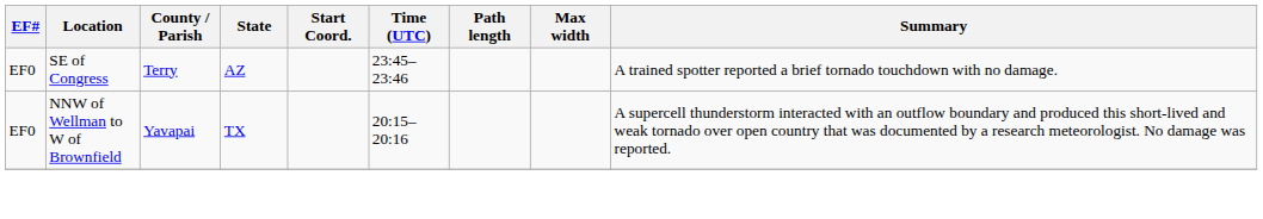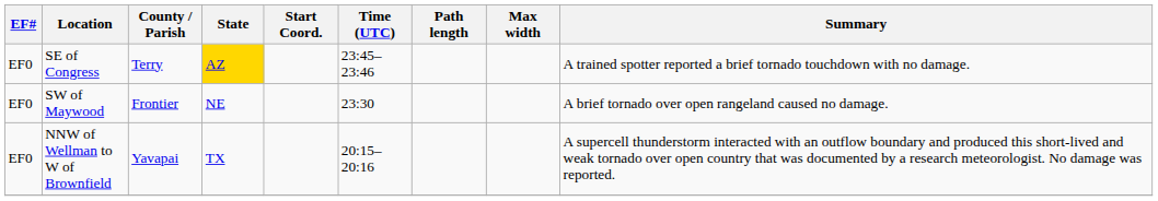 <table class="wikitable sortable" style="width:100%;">
 <tr>
 <th scope="col"  style="width:3%; text-align:center;"><a href='#'>EF#</a></th>
 <th scope="col"  style="width:7%; text-align:center;" class="unsortable">Location</th>
 <th scope="col"  style="width:6%; text-align:center;" class="unsortable">County / Parish</th>
 <th scope="col"  style="width:5%; text-align:center;">State</th>
 <th scope="col"  style="width:6%; text-align:center;">Start Coord.</th>
 <th scope="col"  style="width:6%; text-align:center;">Time (<a href='#'>UTC</a>)</th>
 <th scope="col"  style="width:6%; text-align:center;">Path length</th>
 <th scope="col"  style="width:6%; text-align:center;">Max width</th>
 <th scope="col" class="unsortable" style="width:48%; text-align:center;">Summary</th>
 </tr>
 <tr>
 <td>EF0</td>
 <td>SE of <a href='#'>Congress</a></td>
 <td><a href='#'>Terry</a></td>
-<td><a href='#'>AZ</a></td>
+<td style="background: gold;"><a href='#'>AZ</a></td>
 <td></td>
 <td>23:45–23:46</td>
 <td></td>
 <td></td>
 <td>A trained spotter reported a brief tornado touchdown with no damage.</td>
+</tr>
+<tr>
+<td>EF0</td>
+<td>SW of <a href='#'>Maywood</a></td>
+<td><a href='#'>Frontier</a></td>
+<td><a href='#'>NE</a></td>
+<td></td>
+<td>23:30</td>
+<td></td>
+<td></td>
+<td>A brief tornado over open rangeland caused no damage.</td>
 </tr>
 <tr>
 <td>EF0</td>
 <td>NNW of <a href='#'>Wellman</a> to W of <a href='#'>Brownfield</a></td>
 <td><a href='#'>Yavapai</a></td>
 <td><a href='#'>TX</a></td>
 <td></td>
 <td>20:15–20:16</td>
 <td></td>
 <td></td>
 <td>A supercell thunderstorm interacted with an outflow boundary and produced this short-lived and weak tornado over open country that was documented by a research meteorologist. No damage was reported.</td>
 </tr>
 <tr>
 </tr>
 </table>
